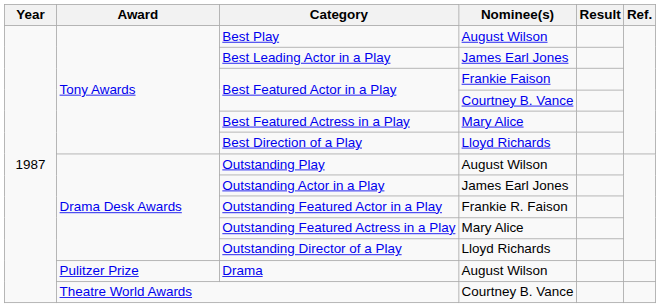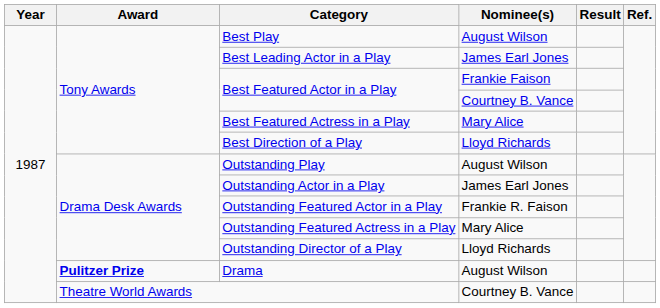 <table class="wikitable plainrowheaders">
 <tr>
 <th scope="col" style="width:8%;">Year</th>
 <th scope="col" style="width:25%;">Award</th>
 <th>Category</th>
 <th>Nominee(s)</th>
 <th>Result</th>
 <th>Ref.</th>
 </tr>
 <tr>
 <td rowspan="13" align="center">1987</td>
 <td rowspan="6"><a href='#'>Tony Awards</a></td>
 <td><a href='#'>Best Play</a></td>
 <td><a href='#'>August Wilson</a></td>
 <td></td>
 <td align="center" rowspan="6"></td>
 </tr>
 <tr>
 <td><a href='#'>Best Leading Actor in a Play</a></td>
 <td><a href='#'>James Earl Jones</a></td>
 <td></td>
 </tr>
 <tr>
 <td rowspan="2"><a href='#'>Best Featured Actor in a Play</a></td>
 <td><a href='#'>Frankie Faison</a></td>
 <td></td>
 </tr>
 <tr>
 <td><a href='#'>Courtney B. Vance</a></td>
 <td></td>
 </tr>
 <tr>
 <td><a href='#'>Best Featured Actress in a Play</a></td>
 <td><a href='#'>Mary Alice</a></td>
 <td></td>
 </tr>
 <tr>
 <td><a href='#'>Best Direction of a Play</a></td>
 <td><a href='#'>Lloyd Richards</a></td>
 <td></td>
 </tr>
 <tr>
 <td rowspan="5"><a href='#'>Drama Desk Awards</a></td>
 <td><a href='#'>Outstanding Play</a></td>
 <td>August Wilson</td>
 <td></td>
 <td align="center" rowspan="5"></td>
 </tr>
 <tr>
 <td><a href='#'>Outstanding Actor in a Play</a></td>
 <td>James Earl Jones</td>
 <td></td>
 </tr>
 <tr>
 <td><a href='#'>Outstanding Featured Actor in a Play</a></td>
 <td>Frankie R. Faison</td>
 <td></td>
 </tr>
 <tr>
 <td><a href='#'>Outstanding Featured Actress in a Play</a></td>
 <td>Mary Alice</td>
 <td></td>
 </tr>
 <tr>
 <td><a href='#'>Outstanding Director of a Play</a></td>
 <td>Lloyd Richards</td>
 <td></td>
 </tr>
 <tr>
-<td><a href='#'>Pulitzer Prize</a></td>
+<td><strong><a href='#'>Pulitzer Prize</a></strong></td>
 <td><a href='#'>Drama</a></td>
 <td>August Wilson</td>
 <td></td>
 <td align="center"></td>
 </tr>
 <tr>
 <td colspan=2><a href='#'>Theatre World Awards</a></td>
 <td>Courtney B. Vance</td>
 <td></td>
 <td align="center"></td>
 </tr>
 </table>
